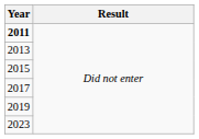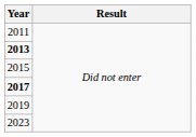 <table class="wikitable" style="text-align: center; font-size:90%">
 <tr>
 <th>Year</th>
 <th style="width:200px">Result</th>
 </tr>
 <tr>
-<td><strong> 2011</strong></td>
+<td> 2011</td>
 <td rowspan="6"><em>Did not enter</em></td>
 </tr>
 <tr>
-<td> 2013</td>
+<td><strong> 2013</strong></td>
 </tr>
 <tr>
 <td> 2015</td>
 </tr>
 <tr>
-<td> 2017</td>
+<td><strong> 2017</strong></td>
 </tr>
 <tr>
 <td> 2019</td>
 </tr>
 <tr>
 <td> 2023</td>
 </tr>
 </table>
